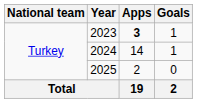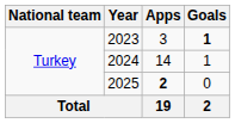 <table class="wikitable" style="text-align:center">
 <tr>
 <th>National team</th>
 <th>Year</th>
 <th>Apps</th>
 <th>Goals</th>
 </tr>
 <tr>
 <td rowspan="3"><a href='#'>Turkey</a></td>
 <td>2023</td>
-<td><strong>3</strong></td>
-<td>1</td>
+<td>3</td>
+<td><strong>1</strong></td>
 </tr>
 <tr>
 <td>2024</td>
 <td>14</td>
 <td>1</td>
 </tr>
 <tr>
 <td>2025</td>
-<td>2</td>
+<td><strong>2</strong></td>
 <td>0</td>
 </tr>
 <tr>
 <th colspan="2">Total</th>
 <th>19</th>
 <th>2</th>
 </tr>
 </table>
